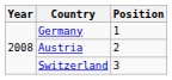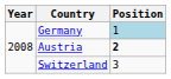 <table class="wikitable">
 <tr>
 <th>Year</th>
 <th>Country</th>
 <th>Position</th>
 </tr>
 <tr>
 <td rowspan="3">2008</td>
 <td><a href='#'>Germany</a></td>
-<td>1</td>
+<td style="background: lightblue;">1</td>
 </tr>
 <tr>
 <td><a href='#'>Austria</a></td>
-<td>2</td>
+<td><strong>2</strong></td>
 </tr>
 <tr>
 <td><a href='#'>Switzerland</a></td>
 <td>3</td>
 </tr>
 </table>
